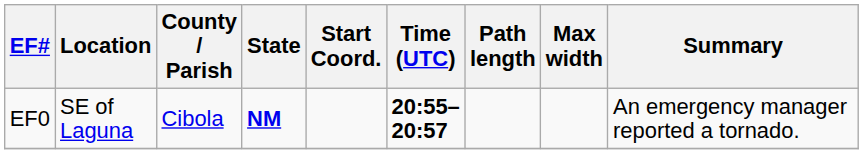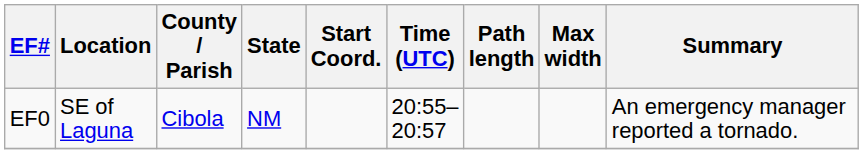 <table class="wikitable sortable" style="width:100%;">
 <tr>
 <th scope="col"  style="width:3%; text-align:center;"><a href='#'>EF#</a></th>
 <th scope="col"  style="width:7%; text-align:center;" class="unsortable">Location</th>
 <th scope="col"  style="width:6%; text-align:center;" class="unsortable">County / Parish</th>
 <th scope="col"  style="width:5%; text-align:center;">State</th>
 <th scope="col"  style="width:6%; text-align:center;">Start Coord.</th>
 <th scope="col"  style="width:6%; text-align:center;">Time (<a href='#'>UTC</a>)</th>
 <th scope="col"  style="width:6%; text-align:center;">Path length</th>
 <th scope="col"  style="width:6%; text-align:center;">Max width</th>
 <th scope="col" class="unsortable" style="width:48%; text-align:center;">Summary</th>
 </tr>
 <tr>
 <td>EF0</td>
 <td>SE of <a href='#'>Laguna</a></td>
 <td><a href='#'>Cibola</a></td>
-<td><strong><a href='#'>NM</a></strong></td>
+<td><a href='#'>NM</a></td>
 <td></td>
-<td><strong>20:55–20:57</strong></td>
+<td>20:55–20:57</td>
 <td></td>
 <td></td>
 <td>An emergency manager reported a tornado.</td>
 </tr>
 <tr>
 </tr>
 </table>
